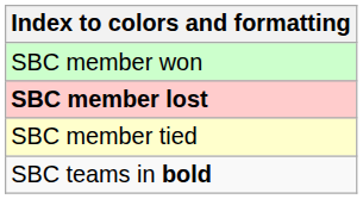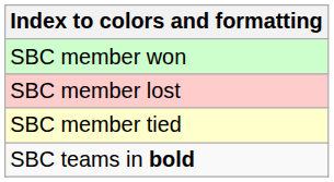 <table class="wikitable">
 <tr>
 <th>Index to colors and formatting</th>
 </tr>
 <tr style="background:#cfc;">
 <td>SBC member won</td>
 </tr>
 <tr style="background:#fcc;">
-<td><strong>SBC member lost</strong></td>
+<td>SBC member lost</td>
 </tr>
 <tr style="background:#ffc;">
 <td>SBC member tied</td>
 </tr>
 <tr>
 <td>SBC teams in <strong>bold</strong></td>
 </tr>
 </table>
